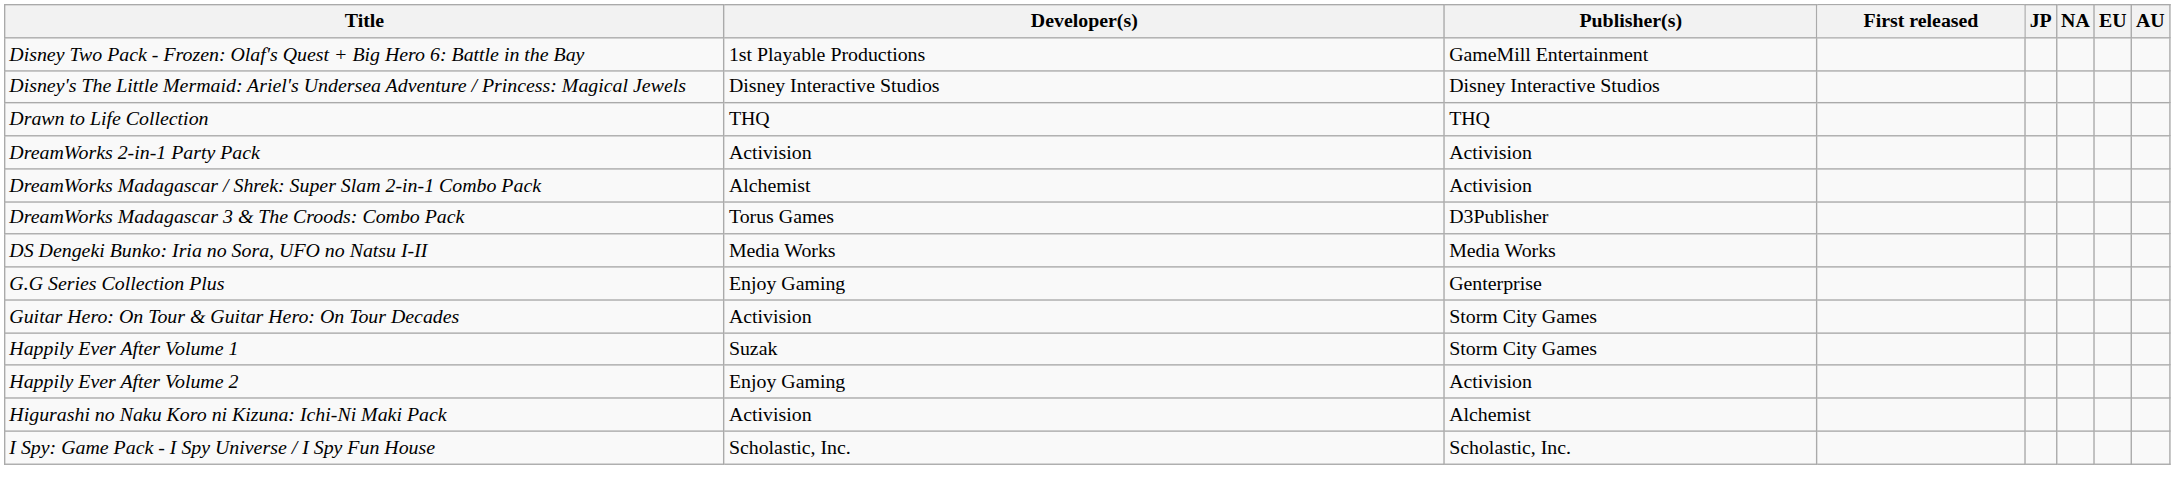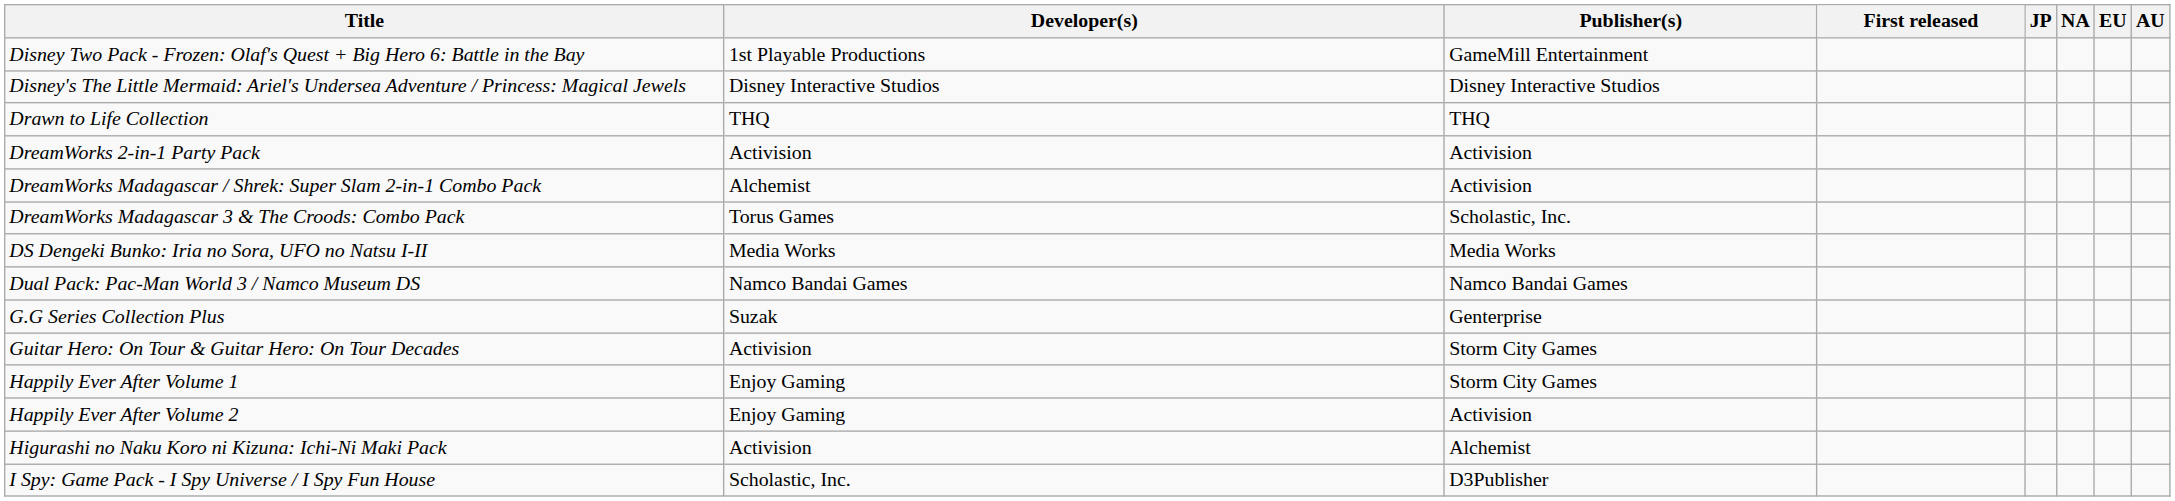 <table class="wikitable plainrowheaders sortable" style="font-size:90%;" id="bundlelist">
 <tr>
 <th width=40%>Title</th>
 <th width=40%>Developer(s)</th>
 <th width=85%>Publisher(s)</th>
 <th style="display:inline-block; border:0; width:144px;">First released</th>
 <th width=5%>JP</th>
 <th width=5%>NA</th>
 <th width=5%>EU</th>
 <th width=5%>AU</th>
 </tr>
 <tr>
 <td><em>Disney Two Pack - Frozen: Olaf's Quest + Big Hero 6: Battle in the Bay</em></td>
 <td>1st Playable Productions</td>
 <td>GameMill Entertainment</td>
 <td></td>
 <td></td>
 <td></td>
 <td></td>
 <td></td>
 </tr>
 <tr>
 <td><em>Disney's The Little Mermaid: Ariel's Undersea Adventure / Princess: Magical Jewels</em></td>
 <td>Disney Interactive Studios</td>
 <td>Disney Interactive Studios</td>
 <td></td>
 <td></td>
 <td></td>
 <td></td>
 <td></td>
 </tr>
 <tr>
 <td><em>Drawn to Life Collection</em></td>
 <td>THQ</td>
 <td>THQ</td>
 <td></td>
 <td></td>
 <td></td>
 <td></td>
 <td></td>
 </tr>
 <tr>
 <td><em>DreamWorks 2-in-1 Party Pack</em></td>
 <td>Activision</td>
 <td>Activision</td>
 <td></td>
 <td></td>
 <td></td>
 <td></td>
 <td></td>
 </tr>
 <tr>
 <td><em>DreamWorks Madagascar / Shrek: Super Slam 2-in-1 Combo Pack</em></td>
 <td>Alchemist</td>
 <td>Activision</td>
 <td></td>
 <td></td>
 <td></td>
 <td></td>
 <td></td>
 </tr>
 <tr>
 <td><em>DreamWorks Madagascar 3 & The Croods: Combo Pack</em></td>
 <td>Torus Games</td>
-<td>D3Publisher</td>
+<td>Scholastic, Inc.</td>
 <td></td>
 <td></td>
 <td></td>
 <td></td>
 <td></td>
 </tr>
 <tr>
 <td><em>DS Dengeki Bunko: Iria no Sora, UFO no Natsu I-II</em></td>
 <td>Media Works</td>
 <td>Media Works</td>
 <td></td>
 <td></td>
 <td></td>
 <td></td>
 <td></td>
 </tr>
 <tr>
+<td><em>Dual Pack: Pac-Man World 3 / Namco Museum DS</em></td>
+<td>Namco Bandai Games</td>
+<td>Namco Bandai Games</td>
+<td></td>
+<td></td>
+<td></td>
+<td></td>
+<td></td>
+</tr>
+<tr>
 <td><em>G.G Series Collection Plus</em></td>
-<td>Enjoy Gaming</td>
+<td>Suzak</td>
 <td>Genterprise</td>
 <td></td>
 <td></td>
 <td></td>
 <td></td>
 <td></td>
 </tr>
 <tr>
 <td><em>Guitar Hero: On Tour & Guitar Hero: On Tour Decades</em></td>
 <td>Activision</td>
 <td>Storm City Games</td>
 <td></td>
 <td></td>
 <td></td>
 <td></td>
 <td></td>
 </tr>
 <tr>
 <td><em>Happily Ever After Volume 1</em></td>
-<td>Suzak</td>
+<td>Enjoy Gaming</td>
 <td>Storm City Games</td>
 <td></td>
 <td></td>
 <td></td>
 <td></td>
 <td></td>
 </tr>
 <tr>
 <td><em>Happily Ever After Volume 2</em></td>
 <td>Enjoy Gaming</td>
 <td>Activision</td>
 <td></td>
 <td></td>
 <td></td>
 <td></td>
 <td></td>
 </tr>
 <tr>
 <td><em>Higurashi no Naku Koro ni Kizuna: Ichi-Ni Maki Pack</em></td>
 <td>Activision</td>
 <td>Alchemist</td>
 <td></td>
 <td></td>
 <td></td>
 <td></td>
 <td></td>
 </tr>
 <tr>
 <td><em>I Spy: Game Pack - I Spy Universe / I Spy Fun House</em></td>
 <td>Scholastic, Inc.</td>
-<td>Scholastic, Inc.</td>
+<td>D3Publisher</td>
 <td></td>
 <td></td>
 <td></td>
 <td></td>
 <td></td>
 </tr>
 </table>
